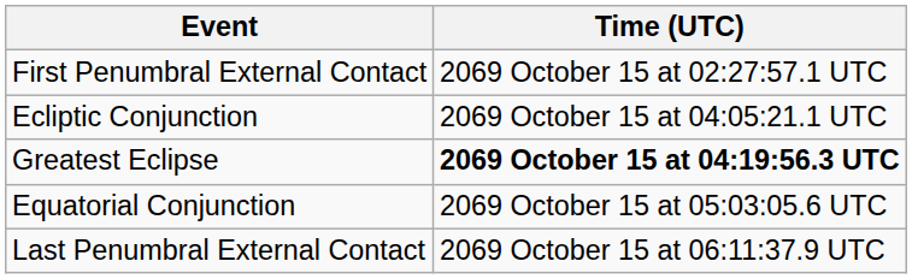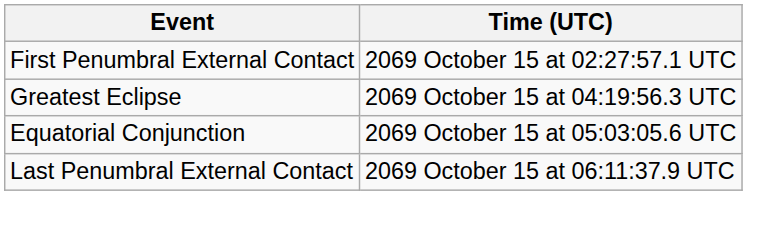 <table class="wikitable">
 <tr>
 <th>Event</th>
 <th>Time (UTC)</th>
 </tr>
 <tr>
 <td>First Penumbral External Contact</td>
 <td>2069 October 15 at 02:27:57.1 UTC</td>
 </tr>
 <tr>
-<td>Ecliptic Conjunction</td>
-<td>2069 October 15 at 04:05:21.1 UTC</td>
-</tr>
-<tr>
 <td>Greatest Eclipse</td>
-<td><strong>2069 October 15 at 04:19:56.3 UTC</strong></td>
+<td>2069 October 15 at 04:19:56.3 UTC</td>
 </tr>
 <tr>
 <td>Equatorial Conjunction</td>
 <td>2069 October 15 at 05:03:05.6 UTC</td>
 </tr>
 <tr>
 <td>Last Penumbral External Contact</td>
 <td>2069 October 15 at 06:11:37.9 UTC</td>
 </tr>
 </table>
